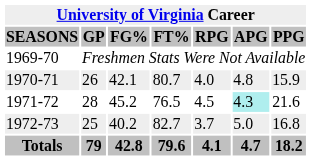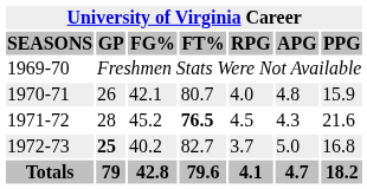 <table class="toccolours">
 <tr>
 <th colspan=7 bgcolor=#eeeeee><a href='#'>University of Virginia</a> Career</th>
 </tr>
 <tr bgcolor=silver>
 <th>SEASONS</th>
 <th>GP</th>
 <th>FG%</th>
 <th>FT%</th>
 <th>RPG</th>
 <th>APG</th>
 <th>PPG</th>
 </tr>
 <tr>
 <td>1969-70</td>
 <td colspan=6><em>Freshmen Stats Were Not Available</em></td>
 </tr>
 <tr bgcolor=#eeeeee>
 <td>1970-71</td>
 <td>26</td>
 <td>42.1</td>
 <td>80.7</td>
 <td>4.0</td>
 <td>4.8</td>
 <td>15.9</td>
 </tr>
 <tr>
 <td>1971-72</td>
 <td>28</td>
 <td>45.2</td>
-<td>76.5</td>
+<td><strong>76.5</strong></td>
 <td>4.5</td>
-<td style="background: paleturquoise;">4.3</td>
+<td>4.3</td>
 <td>21.6</td>
 </tr>
 <tr bgcolor=#eeeeee>
 <td>1972-73</td>
-<td>25</td>
+<td><strong>25</strong></td>
 <td>40.2</td>
 <td>82.7</td>
 <td>3.7</td>
 <td>5.0</td>
 <td>16.8</td>
 </tr>
 <tr bgcolor=silver>
 <th>Totals</th>
 <th>79</th>
 <th>42.8</th>
 <th>79.6</th>
 <th>4.1</th>
 <th>4.7</th>
 <th>18.2</th>
 </tr>
 </table>
